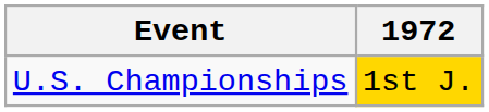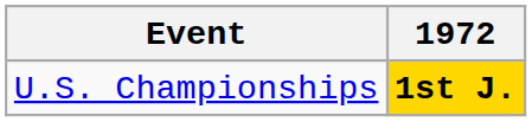 <table class="wikitable">
 <tr>
 <th>Event</th>
 <th>1972</th>
 </tr>
 <tr>
 <td><a href='#'>U.S. Championships</a></td>
-<td align="center" bgcolor="gold">1st J.</td>
+<td align="center" bgcolor="gold"><strong>1st J.</strong></td>
 </tr>
 </table>
